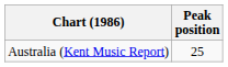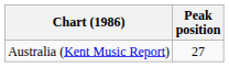 <table class="wikitable">
 <tr>
 <th scope="col">Chart (1986)</th>
 <th>Peak<br>position</th>
 </tr>
 <tr>
 <td>Australia (<a href='#'>Kent Music Report</a>)</td>
-<td style="text-align:center;">25</td>
+<td style="text-align:center;">27</td>
 </tr>
 </table>
